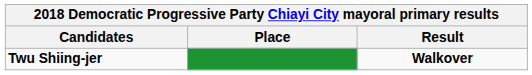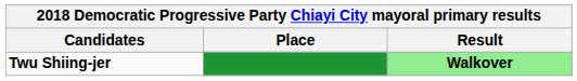 <table class="wikitable collapsible" style="margin:1em auto;">
 <tr>
 <th colspan="5" width=600>2018 Democratic Progressive Party <a href='#'>Chiayi City</a> mayoral primary results</th>
 </tr>
 <tr>
 <th width=80>Candidates</th>
 <th width=80>Place</th>
 <th width=80>Result</th>
 </tr>
 <tr>
 <td><strong>Twu Shiing-jer</strong></td>
 <td style="background: #1B9431; text-align:center"><strong></strong></td>
-<td style="text-align:center"><strong>Walkover</strong></td>
+<td style="background: lightgreen; text-align:center"><strong>Walkover</strong></td>
 </tr>
 </table>
